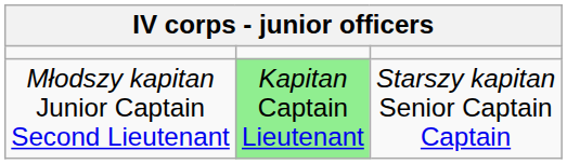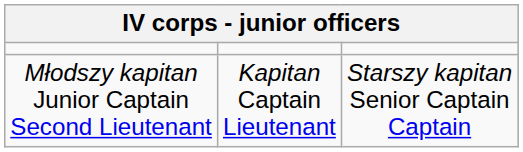 <table class="wikitable" style="text-align: center">
 <tr>
 <th colspan="3">IV corps - junior officers</th>
 </tr>
 <tr>
 <td></td>
 <td></td>
 <td></td>
 </tr>
 <tr>
 <td><em>Młodszy kapitan</em> <br> Junior Captain <br> <a href='#'>Second Lieutenant</a></td>
-<td style="background: lightgreen;"><em>Kapitan</em> <br> Captain <br> <a href='#'>Lieutenant</a></td>
+<td><em>Kapitan</em> <br> Captain <br> <a href='#'>Lieutenant</a></td>
 <td><em>Starszy kapitan</em> <br> Senior Captain <br> <a href='#'>Captain</a></td>
 </tr>
 </table>
